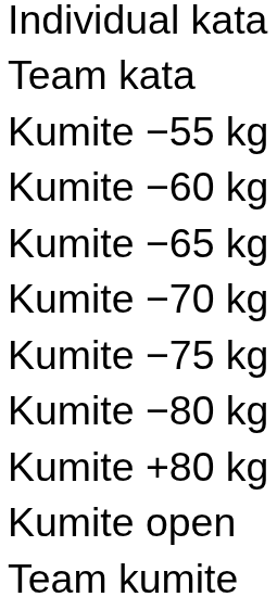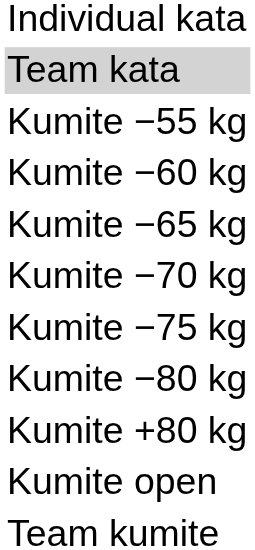 <table>
 <tr>
 <td>Individual kata</td>
 <td></td>
 <td></td>
 <td></td>
 </tr>
 <tr>
-<td>Team kata</td>
+<td style="background: lightgrey;">Team kata</td>
 <td></td>
 <td></td>
 <td></td>
 </tr>
 <tr>
 <td rowspan=2>Kumite −55 kg</td>
 <td rowspan=2></td>
 <td rowspan=2></td>
 <td></td>
 </tr>
 <tr>
 <td></td>
 </tr>
 <tr>
 <td rowspan=2>Kumite −60 kg</td>
 <td rowspan=2></td>
 <td rowspan=2></td>
 <td></td>
 </tr>
 <tr>
 <td></td>
 </tr>
 <tr>
 <td rowspan=2>Kumite −65 kg</td>
 <td rowspan=2></td>
 <td rowspan=2></td>
 <td></td>
 </tr>
 <tr>
 <td></td>
 </tr>
 <tr>
 <td rowspan=2>Kumite −70 kg</td>
 <td rowspan=2></td>
 <td rowspan=2></td>
 <td></td>
 </tr>
 <tr>
 <td></td>
 </tr>
 <tr>
 <td rowspan=2>Kumite −75 kg</td>
 <td rowspan=2></td>
 <td rowspan=2></td>
 <td></td>
 </tr>
 <tr>
 <td></td>
 </tr>
 <tr>
 <td rowspan=2>Kumite −80 kg</td>
 <td rowspan=2></td>
 <td rowspan=2></td>
 <td></td>
 </tr>
 <tr>
 <td></td>
 </tr>
 <tr>
 <td rowspan=2>Kumite +80 kg</td>
 <td rowspan=2></td>
 <td rowspan=2></td>
 <td></td>
 </tr>
 <tr>
 <td></td>
 </tr>
 <tr>
 <td rowspan=2>Kumite open</td>
 <td rowspan=2></td>
 <td rowspan=2></td>
 <td></td>
 </tr>
 <tr>
 <td></td>
 </tr>
 <tr>
 <td rowspan=2>Team kumite</td>
 <td rowspan=2></td>
 <td rowspan=2></td>
 <td></td>
 </tr>
 <tr>
 <td></td>
 </tr>
 </table>
